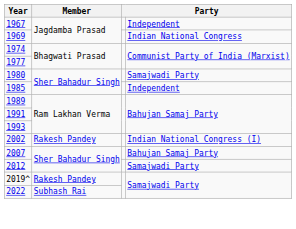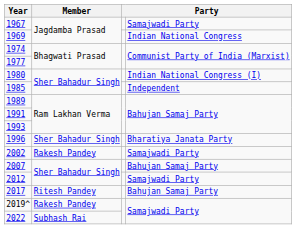 <table class="wikitable">
 <tr>
 <th>Year</th>
 <th>Member</th>
 <th colspan="2">Party</th>
 </tr>
 <tr>
 <td><a href='#'>1967</a></td>
 <td rowspan="2">Jagdamba Prasad</td>
 <td style="background-color: "></td>
-<td><a href='#'>Independent</a></td>
+<td><a href='#'>Samajwadi Party</a></td>
 </tr>
 <tr>
 <td><a href='#'>1969</a></td>
 <td style="background-color: "></td>
 <td><a href='#'>Indian National Congress</a></td>
 </tr>
 <tr>
 <td><a href='#'>1974</a></td>
 <td rowspan="2">Bhagwati Prasad</td>
 <td rowspan="2" style="background-color: "></td>
 <td rowspan="2"><a href='#'>Communist Party of India (Marxist)</a></td>
 </tr>
 <tr>
 <td><a href='#'>1977</a></td>
 </tr>
 <tr>
 <td><a href='#'>1980</a></td>
 <td rowspan="2"><a href='#'>Sher Bahadur Singh</a></td>
 <td style="background-color: "></td>
-<td><a href='#'>Samajwadi Party</a></td>
+<td><a href='#'>Indian National Congress (I)</a></td>
 </tr>
 <tr>
 <td><a href='#'>1985</a></td>
 <td style="background-color: "></td>
 <td><a href='#'>Independent</a></td>
 </tr>
 <tr>
 <td><a href='#'>1989</a></td>
 <td rowspan="3">Ram Lakhan Verma</td>
 <td rowspan="3" style="background-color: "></td>
 <td rowspan="3"><a href='#'>Bahujan Samaj Party</a></td>
 </tr>
 <tr>
 <td><a href='#'>1991</a></td>
 </tr>
 <tr>
 <td><a href='#'>1993</a></td>
 </tr>
 <tr>
+<td><a href='#'>1996</a></td>
+<td><a href='#'>Sher Bahadur Singh</a></td>
+<td style="background-color: "></td>
+<td><a href='#'>Bharatiya Janata Party</a></td>
+</tr>
+<tr>
 <td><a href='#'>2002</a></td>
 <td><a href='#'>Rakesh Pandey</a></td>
 <td style="background-color: "></td>
-<td><a href='#'>Indian National Congress (I)</a></td>
+<td><a href='#'>Samajwadi Party</a></td>
 </tr>
 <tr>
 <td><a href='#'>2007</a></td>
 <td rowspan="2"><a href='#'>Sher Bahadur Singh</a></td>
 <td style="background-color: "></td>
 <td><a href='#'>Bahujan Samaj Party</a></td>
 </tr>
 <tr>
 <td><a href='#'>2012</a></td>
 <td style="background-color: "></td>
 <td><a href='#'>Samajwadi Party</a></td>
 </tr>
 <tr>
+<td><a href='#'>2017</a></td>
+<td><a href='#'>Ritesh Pandey</a></td>
+<td style="background-color: "></td>
+<td><a href='#'>Bahujan Samaj Party</a></td>
+</tr>
+<tr>
 <td>2019^</td>
 <td><a href='#'>Rakesh Pandey</a></td>
 <td rowspan="2" style="background-color: "></td>
 <td rowspan="2"><a href='#'>Samajwadi Party</a></td>
 </tr>
 <tr>
 <td><a href='#'>2022</a></td>
 <td><a href='#'>Subhash Rai</a></td>
 </tr>
 </table>
